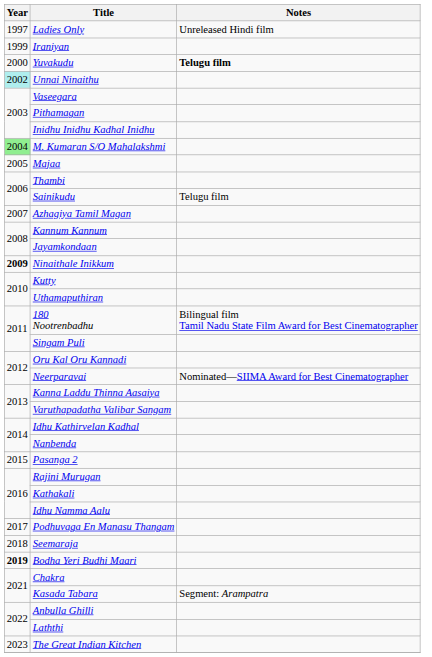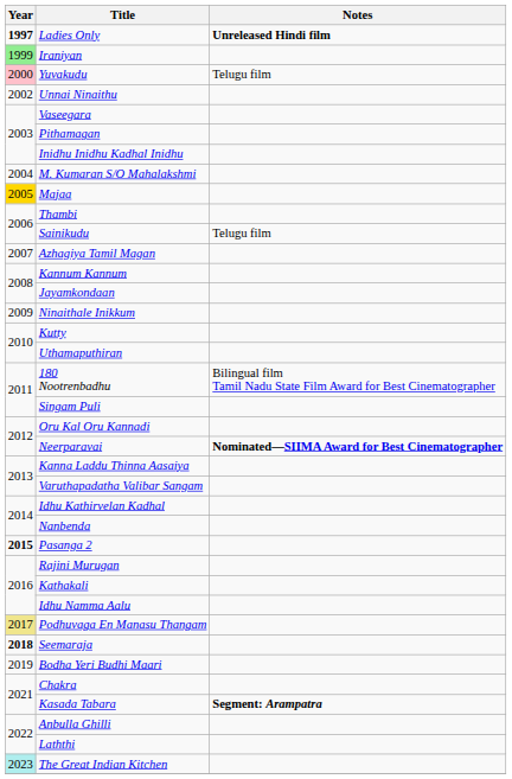 <table class="wikitable" style="text-align:left;">
 <tr>
 <th>Year</th>
 <th>Title</th>
 <th>Notes</th>
 </tr>
 <tr>
-<td>1997</td>
+<td><strong>1997</strong></td>
 <td><em><a href='#'>Ladies Only</a></em></td>
-<td>Unreleased Hindi film</td>
+<td><strong>Unreleased Hindi film</strong></td>
 </tr>
 <tr>
-<td>1999</td>
+<td style="background: lightgreen;">1999</td>
 <td><em><a href='#'>Iraniyan</a></em></td>
 <td></td>
 </tr>
 <tr>
-<td>2000</td>
+<td style="background: pink;">2000</td>
 <td><em><a href='#'>Yuvakudu</a></em></td>
-<td><strong>Telugu film</strong></td>
+<td>Telugu film</td>
 </tr>
 <tr>
-<td style="background: paleturquoise;">2002</td>
+<td>2002</td>
 <td><em><a href='#'>Unnai Ninaithu</a></em></td>
 <td></td>
 </tr>
 <tr>
 <td rowspan="3">2003</td>
 <td><em><a href='#'>Vaseegara</a></em></td>
 <td></td>
 </tr>
 <tr>
 <td><em><a href='#'>Pithamagan</a></em></td>
 <td></td>
 </tr>
 <tr>
 <td><em><a href='#'>Inidhu Inidhu Kadhal Inidhu</a></em></td>
 <td></td>
 </tr>
 <tr>
-<td style="background: lightgreen;">2004</td>
+<td>2004</td>
 <td><em><a href='#'>M. Kumaran S/O Mahalakshmi</a></em></td>
 <td></td>
 </tr>
 <tr>
-<td>2005</td>
+<td style="background: gold;">2005</td>
 <td><em><a href='#'>Majaa</a></em></td>
 <td></td>
 </tr>
 <tr>
 <td rowspan="2">2006</td>
 <td><em><a href='#'>Thambi</a></em></td>
 <td></td>
 </tr>
 <tr>
 <td><em><a href='#'>Sainikudu</a></em></td>
 <td>Telugu film</td>
 </tr>
 <tr>
 <td>2007</td>
 <td><em><a href='#'>Azhagiya Tamil Magan</a></em></td>
 <td></td>
 </tr>
 <tr>
 <td rowspan="2">2008</td>
 <td><em><a href='#'>Kannum Kannum</a></em></td>
 <td></td>
 </tr>
 <tr>
 <td><em><a href='#'>Jayamkondaan</a></em></td>
 <td></td>
 </tr>
 <tr>
-<td><strong>2009</strong></td>
+<td>2009</td>
 <td><em><a href='#'>Ninaithale Inikkum</a></em></td>
 <td></td>
 </tr>
 <tr>
 <td rowspan="2">2010</td>
 <td><em><a href='#'>Kutty</a></em></td>
 <td></td>
 </tr>
 <tr>
 <td><em><a href='#'>Uthamaputhiran</a></em></td>
 <td></td>
 </tr>
 <tr>
 <td rowspan="2">2011</td>
 <td><em><a href='#'>180</a></em><br><em>Nootrenbadhu</em></td>
 <td>Bilingual film<br><a href='#'>Tamil Nadu State Film Award for Best Cinematographer</a></td>
 </tr>
 <tr>
 <td><em><a href='#'>Singam Puli</a></em></td>
 <td></td>
 </tr>
 <tr>
 <td rowspan="2">2012</td>
 <td><em><a href='#'>Oru Kal Oru Kannadi</a></em></td>
 <td></td>
 </tr>
 <tr>
 <td><em><a href='#'>Neerparavai</a></em></td>
-<td>Nominated—<a href='#'>SIIMA Award for Best Cinematographer</a></td>
+<td><strong>Nominated—<a href='#'>SIIMA Award for Best Cinematographer</a></strong></td>
 </tr>
 <tr>
 <td rowspan="2">2013</td>
 <td><em><a href='#'>Kanna Laddu Thinna Aasaiya</a></em></td>
 <td></td>
 </tr>
 <tr>
 <td><em><a href='#'>Varuthapadatha Valibar Sangam</a></em></td>
 <td></td>
 </tr>
 <tr>
 <td rowspan="2">2014</td>
 <td><em><a href='#'>Idhu Kathirvelan Kadhal</a></em></td>
 <td></td>
 </tr>
 <tr>
 <td><em><a href='#'>Nanbenda</a></em></td>
 <td></td>
 </tr>
 <tr>
-<td rowspan="1">2015</td>
+<td rowspan="1"><strong>2015</strong></td>
 <td><em><a href='#'>Pasanga 2</a></em></td>
 <td></td>
 </tr>
 <tr>
 <td rowspan="3">2016</td>
 <td><em><a href='#'>Rajini Murugan</a></em></td>
 <td></td>
 </tr>
 <tr>
 <td><em><a href='#'>Kathakali</a></em></td>
 <td></td>
 </tr>
 <tr>
 <td><em><a href='#'>Idhu Namma Aalu</a></em></td>
 <td></td>
 </tr>
 <tr>
-<td rowspan="1">2017</td>
+<td rowspan="1" style="background: khaki;">2017</td>
 <td><em><a href='#'>Podhuvaga En Manasu Thangam</a></em></td>
 <td></td>
 </tr>
 <tr>
-<td rowspan="1">2018</td>
+<td rowspan="1"><strong>2018</strong></td>
 <td><em><a href='#'>Seemaraja</a></em></td>
 <td></td>
 </tr>
 <tr>
-<td><strong>2019</strong></td>
+<td>2019</td>
 <td><em><a href='#'>Bodha Yeri Budhi Maari</a></em></td>
 <td></td>
 </tr>
 <tr>
 <td rowspan="2">2021</td>
 <td><em><a href='#'>Chakra</a></em></td>
 <td></td>
 </tr>
 <tr>
 <td><em><a href='#'>Kasada Tabara</a></em></td>
-<td>Segment: <em>Arampatra</em></td>
+<td><strong>Segment: <em>Arampatra</em></strong></td>
 </tr>
 <tr>
 <td rowspan="2">2022</td>
 <td><em><a href='#'>Anbulla Ghilli</a></em></td>
 <td></td>
 </tr>
 <tr>
 <td><em><a href='#'>Laththi</a></em></td>
 <td></td>
 </tr>
 <tr>
-<td>2023</td>
+<td style="background: paleturquoise;">2023</td>
 <td><em><a href='#'>The Great Indian Kitchen</a></em></td>
 <td></td>
 </tr>
 <tr>
 </tr>
 </table>
